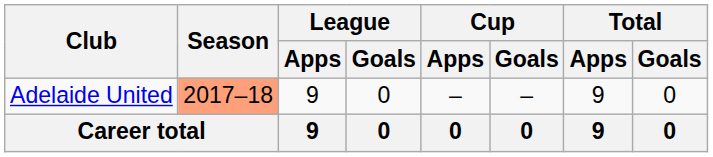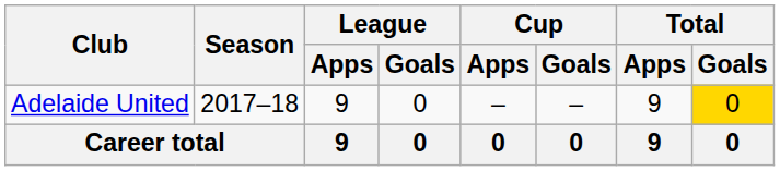 <table class="wikitable" style="text-align:center">
 <tr>
 <th rowspan="2">Club</th>
 <th rowspan="2">Season</th>
 <th colspan="2">League</th>
 <th colspan="2">Cup</th>
 <th colspan="2">Total</th>
 </tr>
 <tr>
 <th>Apps</th>
 <th>Goals</th>
 <th>Apps</th>
 <th>Goals</th>
 <th>Apps</th>
 <th>Goals</th>
 </tr>
 <tr>
 <td><a href='#'>Adelaide United</a></td>
-<td style="background: lightsalmon;">2017–18</td>
+<td>2017–18</td>
 <td>9</td>
 <td>0</td>
 <td>–</td>
 <td>–</td>
 <td>9</td>
-<td>0</td>
+<td style="background: gold;">0</td>
 </tr>
 <tr>
 <th colspan="2">Career total</th>
 <th>9</th>
 <th>0</th>
 <th>0</th>
 <th>0</th>
 <th>9</th>
 <th>0</th>
 </tr>
 </table>
